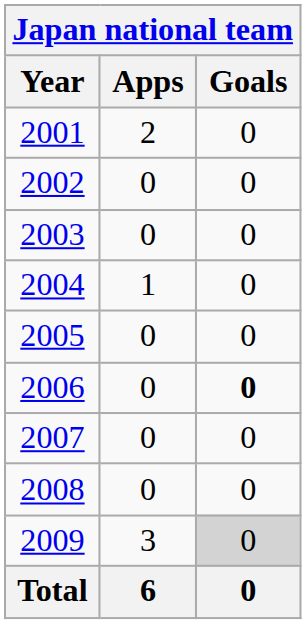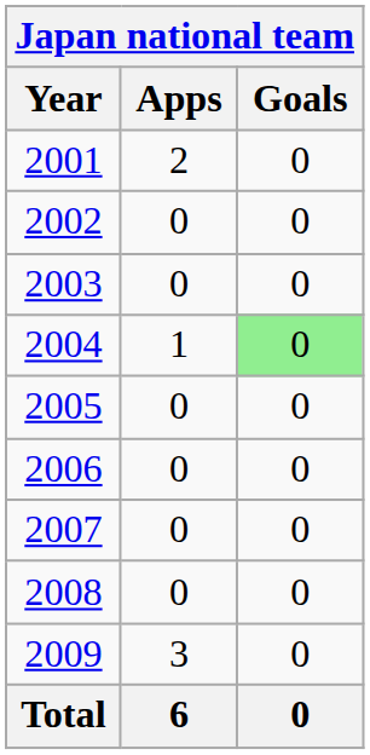 <table class="wikitable" style="text-align:center">
 <tr>
 <th colspan=3><a href='#'>Japan national team</a></th>
 </tr>
 <tr>
 <th>Year</th>
 <th>Apps</th>
 <th>Goals</th>
 </tr>
 <tr>
 <td><a href='#'>2001</a></td>
 <td>2</td>
 <td>0</td>
 </tr>
 <tr>
 <td><a href='#'>2002</a></td>
 <td>0</td>
 <td>0</td>
 </tr>
 <tr>
 <td><a href='#'>2003</a></td>
 <td>0</td>
 <td>0</td>
 </tr>
 <tr>
 <td><a href='#'>2004</a></td>
 <td>1</td>
-<td>0</td>
+<td style="background: lightgreen;">0</td>
 </tr>
 <tr>
 <td><a href='#'>2005</a></td>
 <td>0</td>
 <td>0</td>
 </tr>
 <tr>
 <td><a href='#'>2006</a></td>
 <td>0</td>
-<td><strong>0</strong></td>
+<td>0</td>
 </tr>
 <tr>
 <td><a href='#'>2007</a></td>
 <td>0</td>
 <td>0</td>
 </tr>
 <tr>
 <td><a href='#'>2008</a></td>
 <td>0</td>
 <td>0</td>
 </tr>
 <tr>
 <td><a href='#'>2009</a></td>
 <td>3</td>
-<td style="background: lightgrey;">0</td>
+<td>0</td>
 </tr>
 <tr>
 <th>Total</th>
 <th>6</th>
 <th>0</th>
 </tr>
 </table>
